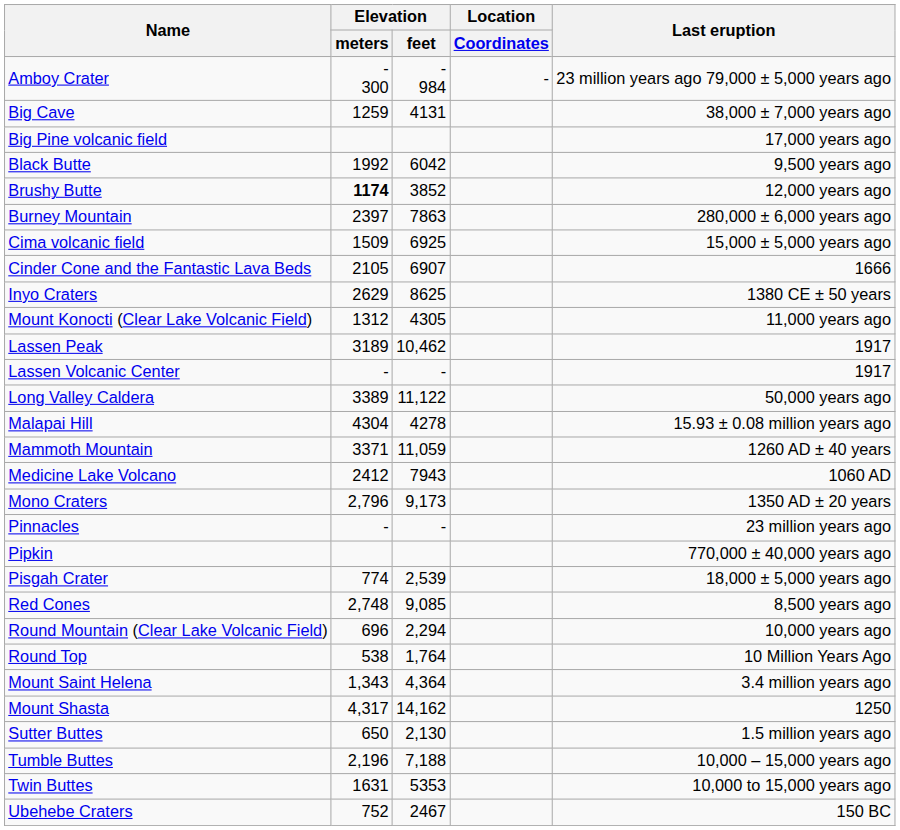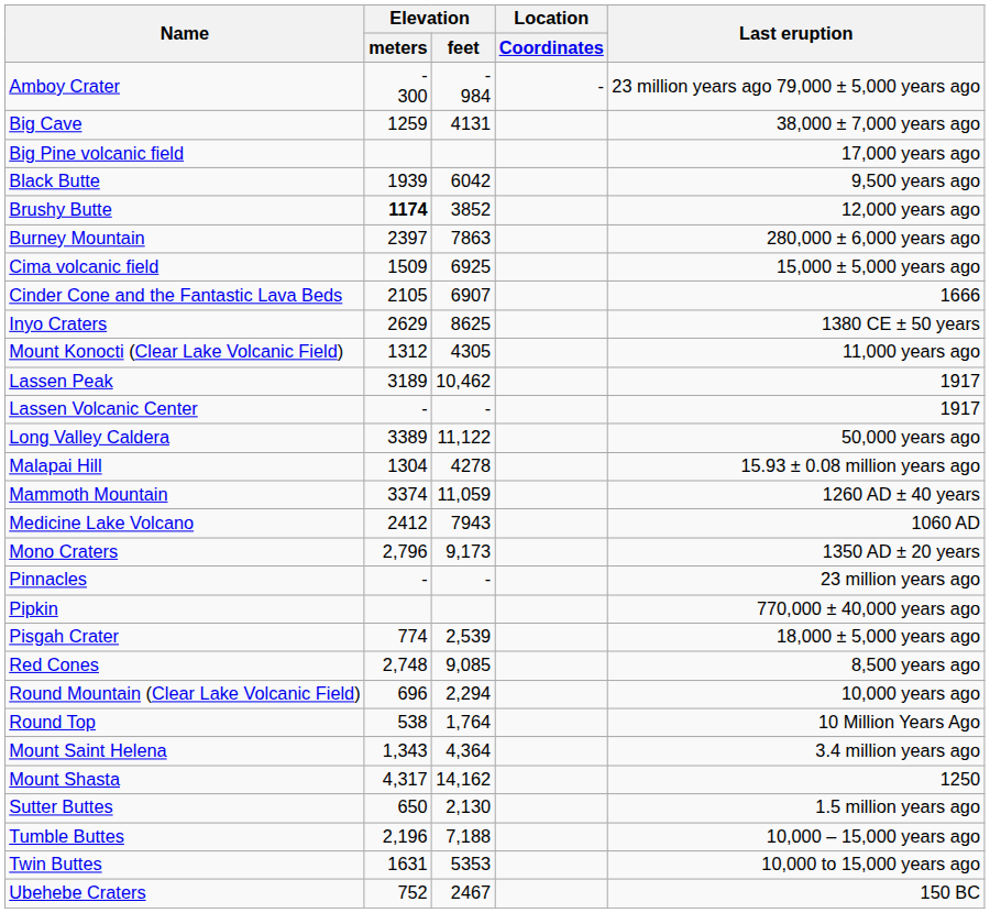 <table class="wikitable sortable">
 <tr>
 <th rowspan="2" [https: / en.m.wikipedia.org wiki Neenach_Volcano]>Name</th>
 <th colspan="2">Elevation</th>
 <th>Location</th>
 <th rowspan="2">Last eruption</th>
 </tr>
 <tr>
 <th>meters</th>
 <th>feet</th>
 <th><a href='#'>Coordinates</a></th>
 </tr>
 <tr style="text-align:right;">
 <td style="text-align:left;"><a href='#'>Amboy Crater</a></td>
 <td>-<br>300</td>
 <td>-<br>984</td>
 <td>-<br></td>
 <td>23 million years ago 79,000 ± 5,000 years ago</td>
 </tr>
 <tr style="text-align:right;">
 <td style="text-align:left;"><a href='#'>Big Cave</a></td>
 <td>1259</td>
 <td>4131</td>
 <td></td>
 <td>38,000 ± 7,000 years ago</td>
 </tr>
 <tr style="text-align:right;">
 <td style="text-align:left;"><a href='#'>Big Pine volcanic field</a></td>
 <td></td>
 <td></td>
 <td></td>
 <td>17,000 years ago</td>
 </tr>
 <tr style="text-align:right;">
 <td style="text-align:left;"><a href='#'>Black Butte</a></td>
-<td>1992</td>
+<td>1939</td>
 <td>6042</td>
 <td></td>
 <td>9,500 years ago</td>
 </tr>
 <tr style="text-align:right;">
 <td style="text-align:left;"><a href='#'>Brushy Butte</a></td>
 <td><strong>1174</strong></td>
 <td>3852</td>
 <td></td>
 <td>12,000 years ago</td>
 </tr>
 <tr style="text-align:right;">
 <td style="text-align:left;"><a href='#'>Burney Mountain</a></td>
 <td>2397</td>
 <td>7863</td>
 <td></td>
 <td>280,000 ± 6,000 years ago</td>
 </tr>
 <tr style="text-align:right;">
 <td style="text-align:left;"><a href='#'>Cima volcanic field</a></td>
 <td>1509</td>
 <td>6925</td>
 <td></td>
 <td>15,000 ± 5,000 years ago</td>
 </tr>
 <tr style="text-align:right;">
 <td style="text-align:left;"><a href='#'>Cinder Cone and the Fantastic Lava Beds</a></td>
 <td>2105</td>
 <td>6907</td>
 <td></td>
 <td>1666</td>
 </tr>
 <tr style="text-align:right;">
 <td style="text-align:left;"><a href='#'>Inyo Craters</a></td>
 <td>2629</td>
 <td>8625</td>
 <td></td>
 <td>1380 CE ± 50 years</td>
 </tr>
 <tr style="text-align:right;">
 <td style="text-align:left;"><a href='#'>Mount Konocti</a> (<a href='#'>Clear Lake Volcanic Field</a>)</td>
 <td>1312</td>
 <td>4305</td>
 <td></td>
 <td>11,000 years ago</td>
 </tr>
 <tr style="text-align:right;">
 <td style="text-align:left;"><a href='#'>Lassen Peak</a></td>
 <td>3189</td>
 <td>10,462</td>
 <td></td>
 <td>1917</td>
 </tr>
 <tr style="text-align:right;">
 <td style="text-align:left;"><a href='#'>Lassen Volcanic Center</a></td>
 <td>-</td>
 <td>-</td>
 <td></td>
 <td>1917</td>
 </tr>
 <tr style="text-align:right;">
 <td style="text-align:left;"><a href='#'>Long Valley Caldera</a></td>
 <td>3389</td>
 <td>11,122</td>
 <td></td>
 <td>50,000 years ago</td>
 </tr>
 <tr style="text-align:right;">
 <td style="text-align:left;"><a href='#'>Malapai Hill</a></td>
-<td>4304</td>
+<td>1304</td>
 <td>4278</td>
 <td></td>
 <td>15.93 ± 0.08 million years ago</td>
 </tr>
 <tr style="text-align:right;">
 <td style="text-align:left;"><a href='#'>Mammoth Mountain</a></td>
-<td>3371</td>
+<td>3374</td>
 <td>11,059</td>
 <td></td>
 <td>1260 AD ± 40 years</td>
 </tr>
 <tr style="text-align:right;">
 <td style="text-align:left;"><a href='#'>Medicine Lake Volcano</a></td>
 <td>2412</td>
 <td>7943</td>
 <td></td>
 <td>1060 AD</td>
 </tr>
 <tr style="text-align:right;">
 <td style="text-align:left;"><a href='#'>Mono Craters</a></td>
 <td>2,796</td>
 <td>9,173</td>
 <td></td>
 <td>1350 AD ± 20 years</td>
 </tr>
 <tr style="text-align:right;">
 <td style="text-align:left;"><a href='#'>Pinnacles</a></td>
 <td>-</td>
 <td>-</td>
 <td></td>
 <td>23 million years ago</td>
 </tr>
 <tr style="text-align:right;">
 <td style="text-align:left;"><a href='#'>Pipkin</a></td>
 <td></td>
 <td></td>
 <td></td>
 <td>770,000 ± 40,000 years ago</td>
 </tr>
 <tr style="text-align:right;">
 <td style="text-align:left;"><a href='#'>Pisgah Crater</a></td>
 <td>774</td>
 <td>2,539</td>
 <td></td>
 <td>18,000 ± 5,000 years ago</td>
 </tr>
 <tr style="text-align:right;">
 <td style="text-align:left;"><a href='#'>Red Cones</a></td>
 <td>2,748</td>
 <td>9,085</td>
 <td></td>
 <td>8,500 years ago</td>
 </tr>
 <tr style="text-align:right;">
 <td style="text-align:left;"><a href='#'>Round Mountain</a> (<a href='#'>Clear Lake Volcanic Field</a>)</td>
 <td>696</td>
 <td>2,294</td>
 <td></td>
 <td>10,000 years ago</td>
 </tr>
 <tr style="text-align:right;">
 <td style="text-align:left;"><a href='#'>Round Top</a></td>
 <td>538</td>
 <td>1,764</td>
 <td></td>
 <td>10 Million Years Ago</td>
 </tr>
 <tr style="text-align:right;">
 <td style="text-align:left;"><a href='#'>Mount Saint Helena</a></td>
 <td>1,343</td>
 <td>4,364</td>
 <td></td>
 <td>3.4 million years ago</td>
 </tr>
 <tr style="text-align:right;">
 <td style="text-align:left;"><a href='#'>Mount Shasta</a></td>
 <td>4,317</td>
 <td>14,162</td>
 <td></td>
 <td>1250</td>
 </tr>
 <tr style="text-align:right;">
 <td style="text-align:left;"><a href='#'>Sutter Buttes</a></td>
 <td>650</td>
 <td>2,130</td>
 <td></td>
 <td>1.5 million years ago</td>
 </tr>
 <tr style="text-align:right;">
 <td style="text-align:left;"><a href='#'>Tumble Buttes</a></td>
 <td>2,196</td>
 <td>7,188</td>
 <td></td>
 <td>10,000 – 15,000 years ago</td>
 </tr>
 <tr style="text-align:right;">
 <td style="text-align:left;"><a href='#'>Twin Buttes</a></td>
 <td>1631</td>
 <td>5353</td>
 <td></td>
 <td>10,000 to 15,000 years ago</td>
 </tr>
 <tr style="text-align:right;">
 <td style="text-align:left;"><a href='#'>Ubehebe Craters</a></td>
 <td>752</td>
 <td>2467</td>
 <td></td>
 <td>150 BC</td>
 </tr>
 </table>
